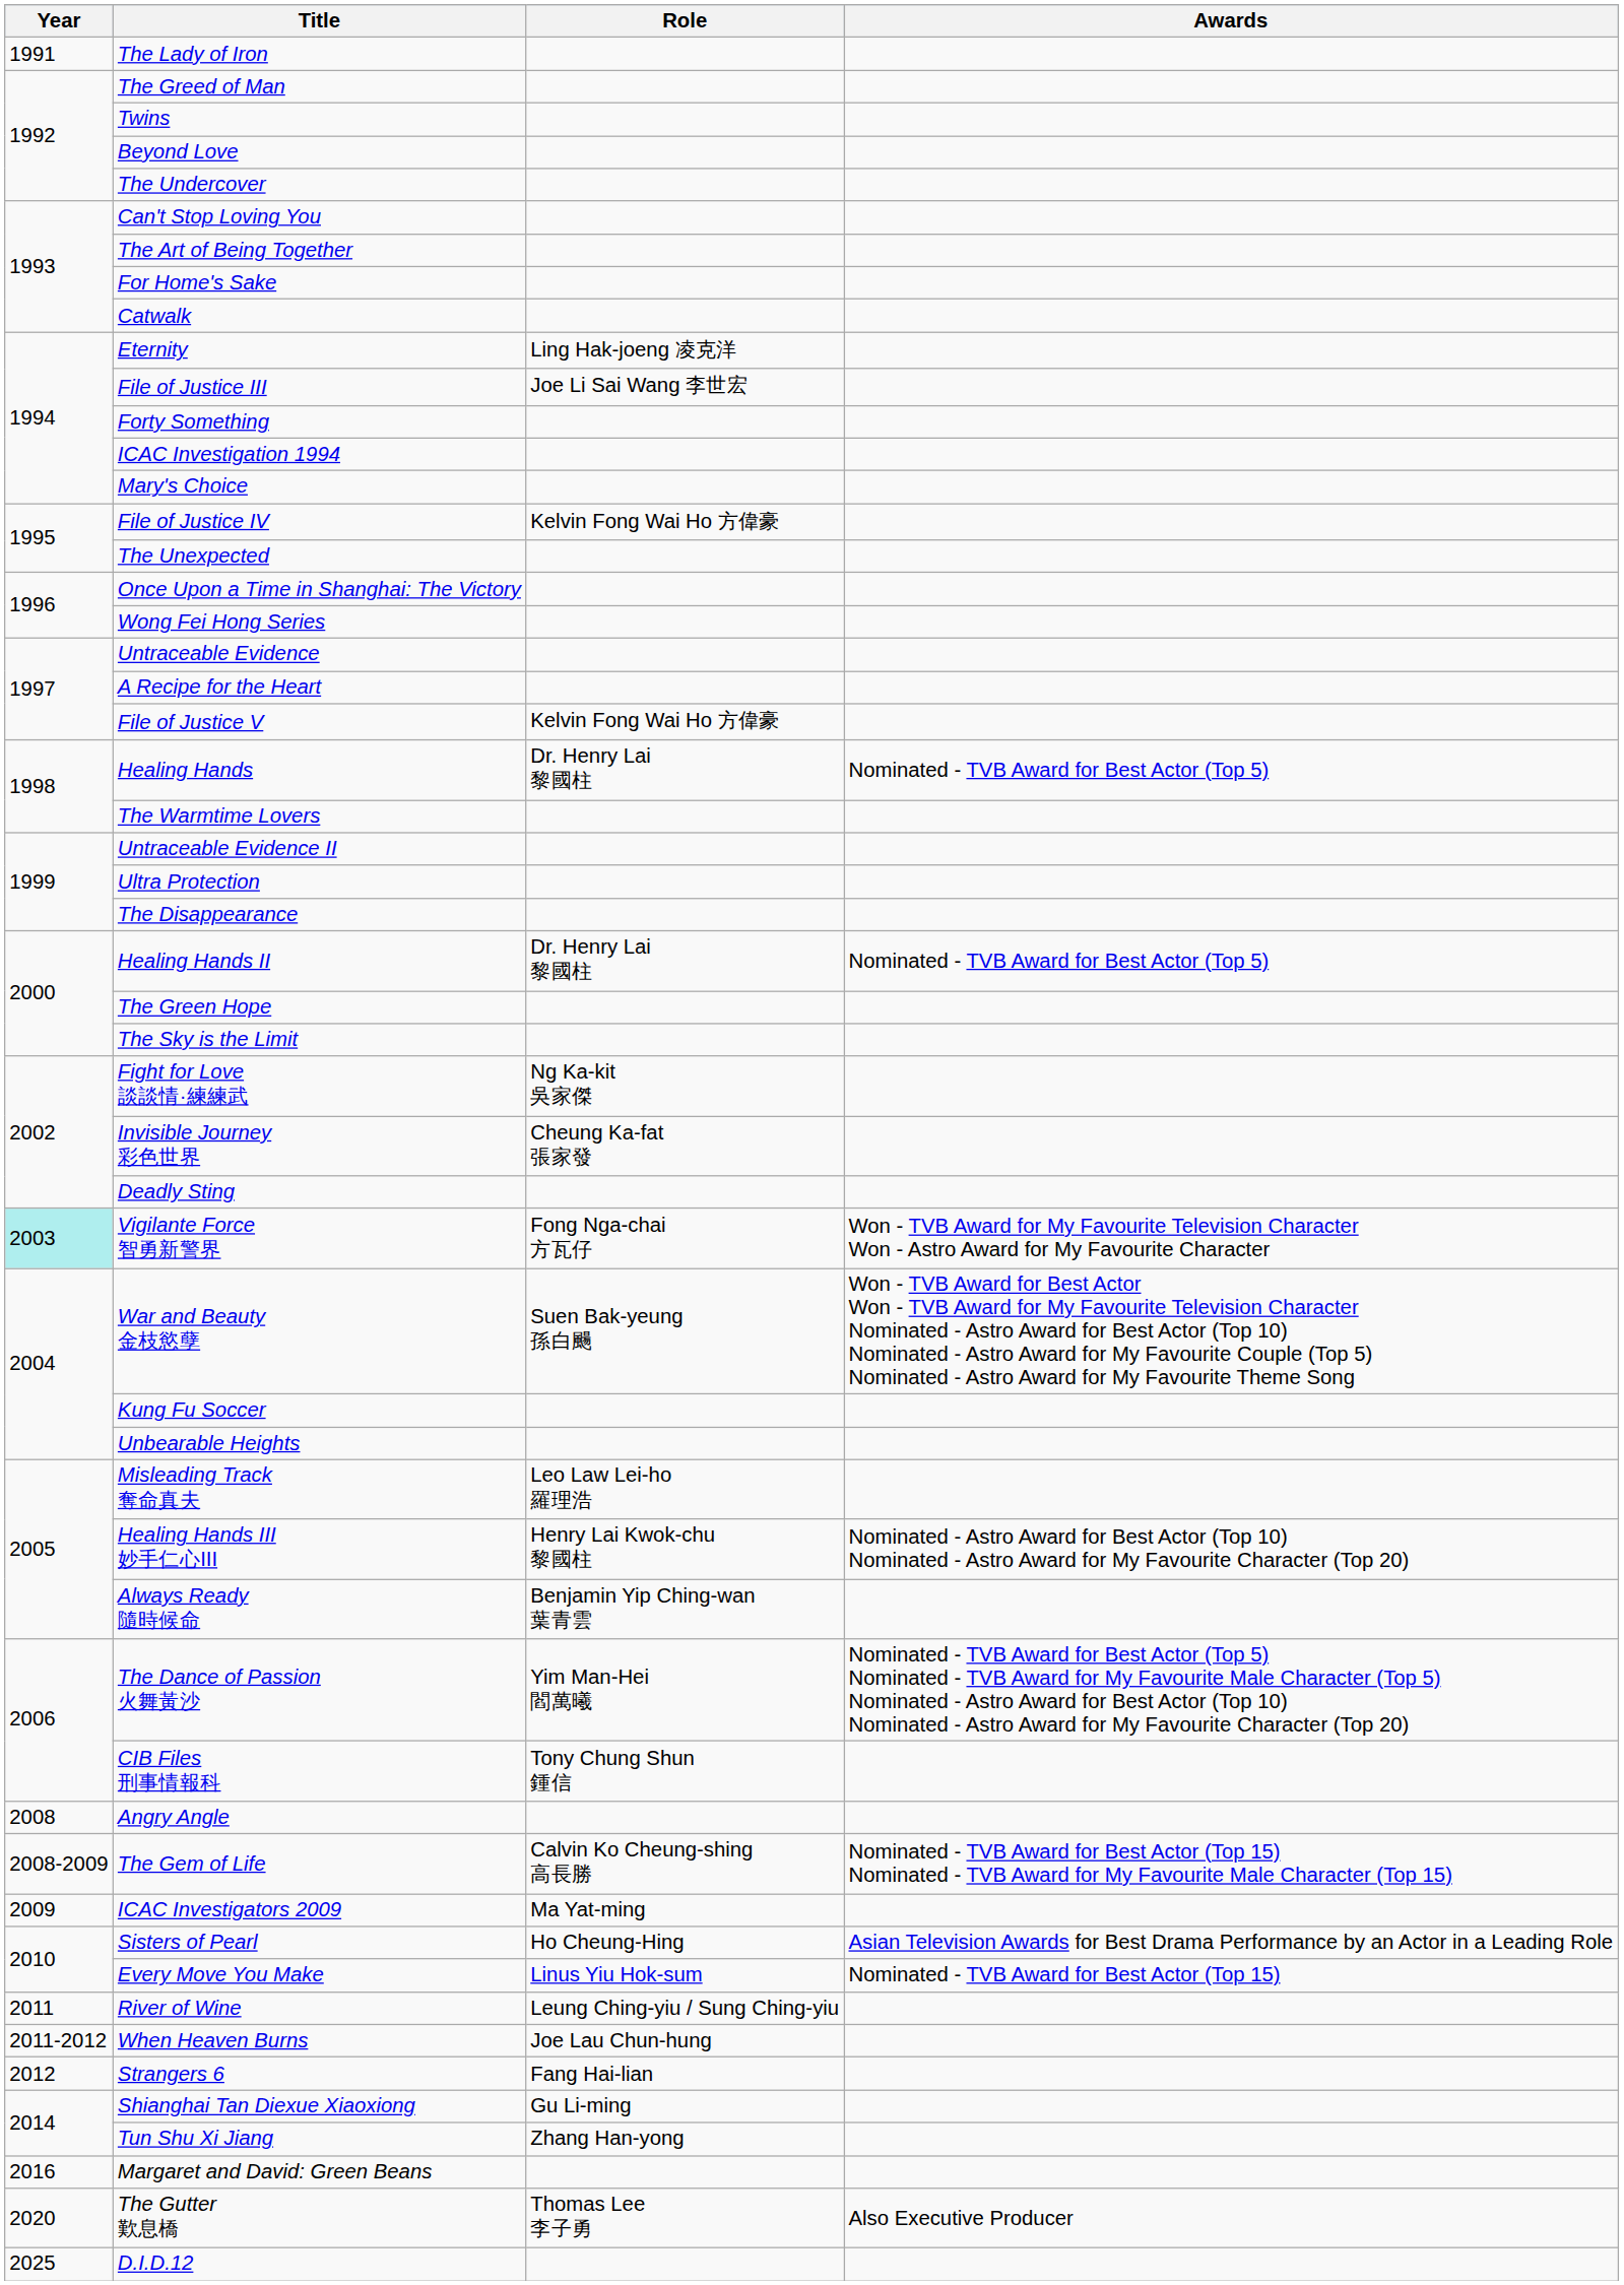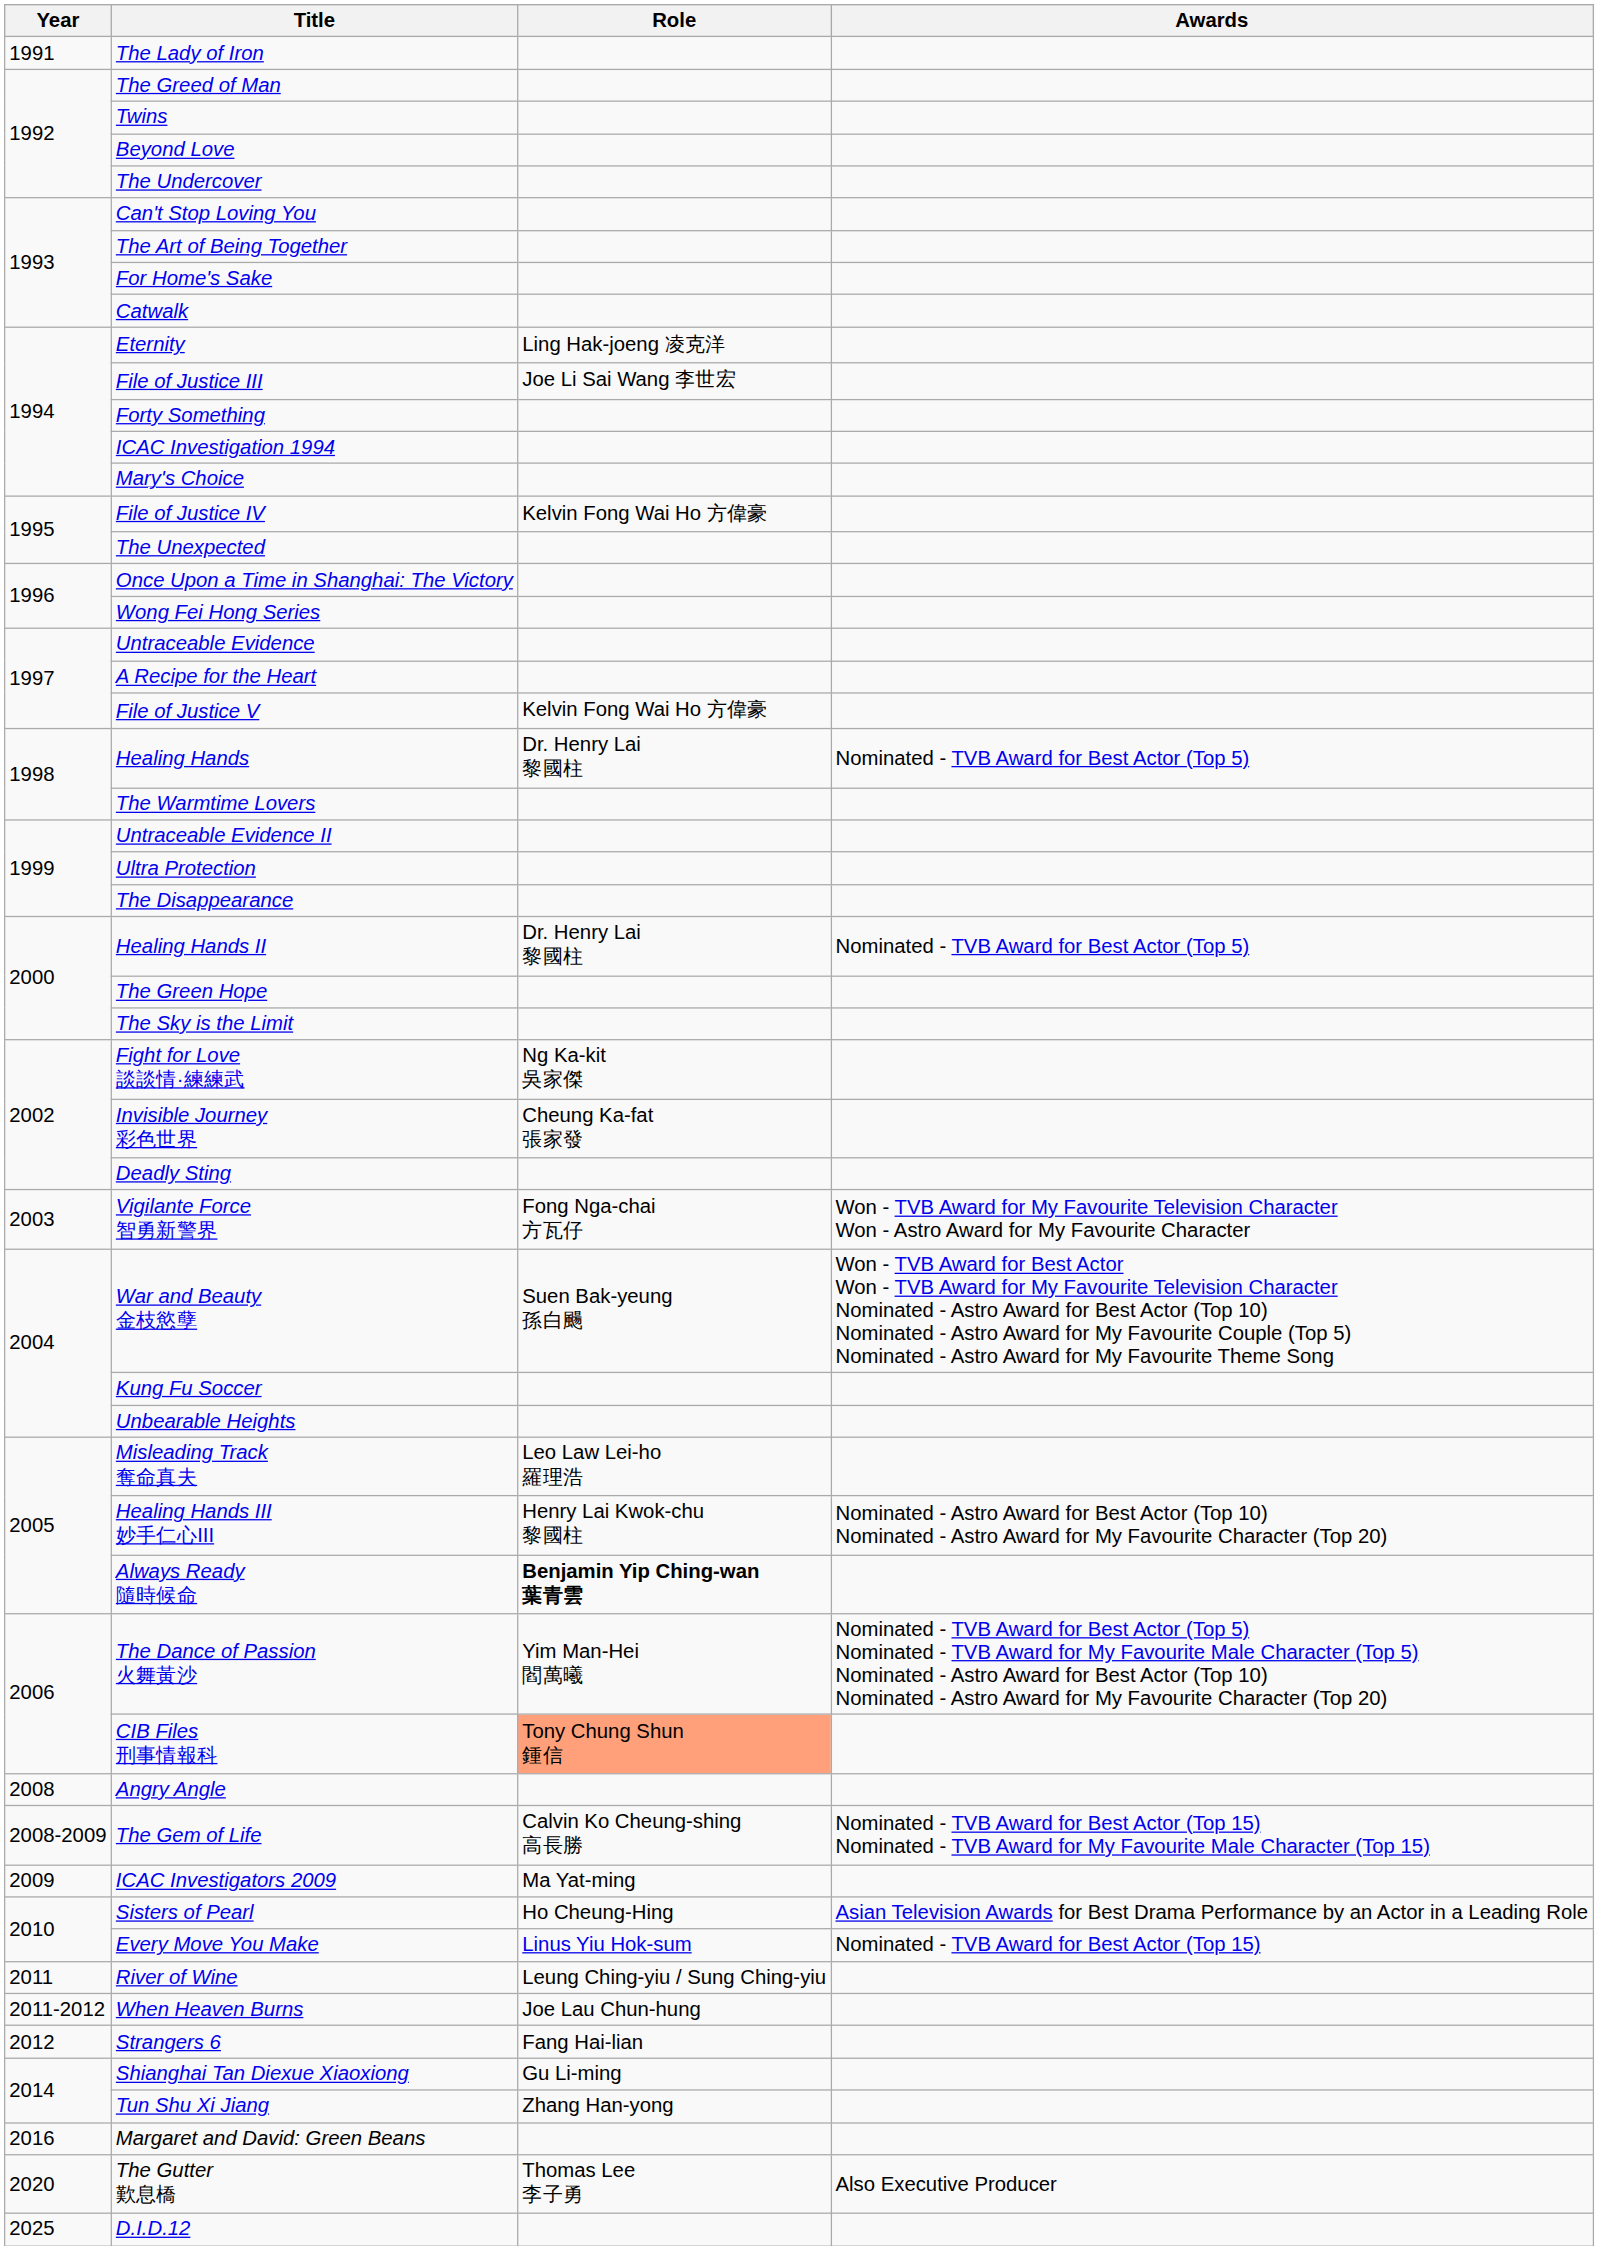 <table class="wikitable">
 <tr style="background:#b0c4de; text-align:center;">
 <th>Year</th>
 <th>Title</th>
 <th>Role</th>
 <th>Awards</th>
 </tr>
 <tr>
 <td>1991</td>
 <td><em><a href='#'>The Lady of Iron</a></em></td>
 <td></td>
 <td></td>
 </tr>
 <tr>
 <td rowspan=4>1992</td>
 <td><em><a href='#'>The Greed of Man</a></em></td>
 <td></td>
 <td></td>
 </tr>
 <tr>
 <td><em><a href='#'>Twins</a></em></td>
 <td></td>
 <td></td>
 </tr>
 <tr>
 <td><em><a href='#'>Beyond Love</a></em></td>
 <td></td>
 <td></td>
 </tr>
 <tr>
 <td><em><a href='#'>The Undercover</a></em></td>
 <td></td>
 <td></td>
 </tr>
 <tr>
 <td rowspan=4>1993</td>
 <td><em><a href='#'>Can't Stop Loving You</a></em></td>
 <td></td>
 <td></td>
 </tr>
 <tr>
 <td><em><a href='#'>The Art of Being Together</a></em></td>
 <td></td>
 <td></td>
 </tr>
 <tr>
 <td><em><a href='#'>For Home's Sake</a></em></td>
 <td></td>
 <td></td>
 </tr>
 <tr>
 <td><em><a href='#'>Catwalk</a></em></td>
 <td></td>
 <td></td>
 </tr>
 <tr>
 <td rowspan=5>1994</td>
 <td><em><a href='#'>Eternity</a></em></td>
 <td>Ling Hak-joeng 凌克洋</td>
 <td></td>
 </tr>
 <tr>
 <td><em><a href='#'>File of Justice III</a></em></td>
 <td>Joe Li Sai Wang 李世宏</td>
 <td></td>
 </tr>
 <tr>
 <td><em><a href='#'>Forty Something</a></em></td>
 <td></td>
 <td></td>
 </tr>
 <tr>
 <td><em><a href='#'>ICAC Investigation 1994</a></em></td>
 <td></td>
 <td></td>
 </tr>
 <tr>
 <td><em><a href='#'>Mary's Choice</a></em></td>
 <td></td>
 <td></td>
 </tr>
 <tr>
 <td rowspan=2>1995</td>
 <td><em><a href='#'>File of Justice IV</a></em></td>
 <td>Kelvin Fong Wai Ho 方偉豪</td>
 <td></td>
 </tr>
 <tr>
 <td><em><a href='#'>The Unexpected</a></em></td>
 <td></td>
 <td></td>
 </tr>
 <tr>
 <td rowspan=2>1996</td>
 <td><em><a href='#'>Once Upon a Time in Shanghai: The Victory</a></em></td>
 <td></td>
 <td></td>
 </tr>
 <tr>
 <td><em><a href='#'>Wong Fei Hong Series</a></em></td>
 <td></td>
 <td></td>
 </tr>
 <tr>
 <td rowspan=3>1997</td>
 <td><em><a href='#'>Untraceable Evidence</a></em></td>
 <td></td>
 <td></td>
 </tr>
 <tr>
 <td><em><a href='#'>A Recipe for the Heart</a></em></td>
 <td></td>
 <td></td>
 </tr>
 <tr>
 <td><em><a href='#'>File of Justice V</a></em></td>
 <td>Kelvin Fong Wai Ho 方偉豪</td>
 <td></td>
 </tr>
 <tr>
 <td rowspan=2>1998</td>
 <td><em><a href='#'>Healing Hands</a></em></td>
 <td>Dr. Henry Lai<br>黎國柱</td>
 <td>Nominated - <a href='#'>TVB Award for Best Actor (Top 5)</a></td>
 </tr>
 <tr>
 <td><em><a href='#'>The Warmtime Lovers</a></em></td>
 <td></td>
 <td></td>
 </tr>
 <tr>
 <td rowspan=3>1999</td>
 <td><em><a href='#'>Untraceable Evidence II</a></em></td>
 <td></td>
 <td></td>
 </tr>
 <tr>
 <td><em><a href='#'>Ultra Protection</a></em></td>
 <td></td>
 <td></td>
 </tr>
 <tr>
 <td><em><a href='#'>The Disappearance</a></em></td>
 <td></td>
 <td></td>
 </tr>
 <tr>
 <td rowspan=3>2000</td>
 <td><em><a href='#'>Healing Hands II</a></em></td>
 <td>Dr. Henry Lai<br>黎國柱</td>
 <td>Nominated - <a href='#'>TVB Award for Best Actor (Top 5)</a></td>
 </tr>
 <tr>
 <td><em><a href='#'>The Green Hope</a></em></td>
 <td></td>
 <td></td>
 </tr>
 <tr>
 <td><em><a href='#'>The Sky is the Limit</a></em></td>
 <td></td>
 </tr>
 <tr>
 <td rowspan=3>2002</td>
 <td><em><a href='#'>Fight for Love</a></em><br><a href='#'>談談情·練練武</a></td>
 <td>Ng Ka-kit<br>吳家傑</td>
 <td></td>
 </tr>
 <tr>
 <td><em><a href='#'>Invisible Journey</a></em><br><a href='#'>彩色世界</a></td>
 <td>Cheung Ka-fat<br>張家發</td>
 <td></td>
 </tr>
 <tr>
 <td><em><a href='#'>Deadly Sting</a></em></td>
 <td></td>
 <td></td>
 </tr>
 <tr>
-<td style="background: paleturquoise;">2003</td>
+<td>2003</td>
 <td><em><a href='#'>Vigilante Force</a></em><br><a href='#'>智勇新警界</a></td>
 <td>Fong Nga-chai<br>方瓦仔</td>
 <td>Won - <a href='#'>TVB Award for My Favourite Television Character</a> <br> Won - Astro Award for My Favourite Character</td>
 </tr>
 <tr>
 <td rowspan=3>2004</td>
 <td><em><a href='#'>War and Beauty</a></em><br><a href='#'>金枝慾孽</a></td>
 <td>Suen Bak-yeung<br>孫白颺</td>
 <td>Won - <a href='#'>TVB Award for Best Actor</a><br>Won - <a href='#'>TVB Award for My Favourite Television Character</a><br>Nominated - Astro Award for Best Actor (Top 10)<br>Nominated - Astro Award for My Favourite Couple (Top 5)<br>Nominated - Astro Award for My Favourite Theme Song</td>
 </tr>
 <tr>
 <td><em><a href='#'>Kung Fu Soccer</a></em></td>
 <td></td>
 <td></td>
 </tr>
 <tr>
 <td><em><a href='#'>Unbearable Heights</a></em></td>
 <td></td>
 <td></td>
 </tr>
 <tr>
 <td rowspan=3>2005</td>
 <td><em><a href='#'>Misleading Track</a></em><br><a href='#'>奪命真夫</a></td>
 <td>Leo Law Lei-ho<br>羅理浩</td>
 <td></td>
 </tr>
 <tr>
 <td><em><a href='#'>Healing Hands III</a></em><br><a href='#'>妙手仁心III</a></td>
 <td>Henry Lai Kwok-chu<br>黎國柱</td>
 <td>Nominated - Astro Award for Best Actor (Top 10)<br>Nominated - Astro Award for My Favourite Character (Top 20)</td>
 </tr>
 <tr>
 <td><em><a href='#'>Always Ready</a></em><br><a href='#'>隨時候命</a></td>
-<td>Benjamin Yip Ching-wan<br>葉青雲</td>
+<td><strong>Benjamin Yip Ching-wan<br>葉青雲</strong></td>
 <td></td>
 </tr>
 <tr>
 <td rowspan=2>2006</td>
 <td><em><a href='#'>The Dance of Passion</a></em><br><a href='#'>火舞黃沙</a></td>
 <td>Yim Man-Hei<br>閻萬曦</td>
 <td>Nominated - <a href='#'>TVB Award for Best Actor (Top 5)</a><br>Nominated - <a href='#'>TVB Award for My Favourite Male Character (Top 5)</a><br>Nominated - Astro Award for Best Actor (Top 10)<br>Nominated - Astro Award for My Favourite Character (Top 20)</td>
 </tr>
 <tr>
 <td><em><a href='#'>CIB Files</a></em><br><a href='#'>刑事情報科</a></td>
-<td>Tony Chung Shun<br>鍾信</td>
+<td style="background: lightsalmon;">Tony Chung Shun<br>鍾信</td>
 <td></td>
 </tr>
 <tr>
 <td>2008</td>
 <td><em><a href='#'>Angry Angle</a></em></td>
 <td></td>
 <td></td>
 </tr>
 <tr>
 <td>2008-2009</td>
 <td><em><a href='#'>The Gem of Life</a></em></td>
 <td>Calvin Ko Cheung-shing<br>高長勝</td>
 <td>Nominated - <a href='#'>TVB Award for Best Actor (Top 15)</a><br>Nominated - <a href='#'>TVB Award for My Favourite Male Character (Top 15)</a></td>
 </tr>
 <tr>
 <td>2009</td>
 <td><em><a href='#'>ICAC Investigators 2009</a></em></td>
 <td>Ma Yat-ming</td>
 <td></td>
 </tr>
 <tr>
 <td rowspan=2>2010</td>
 <td><em><a href='#'>Sisters of Pearl</a></em></td>
 <td>Ho Cheung-Hing</td>
 <td><a href='#'>Asian Television Awards</a> for Best Drama Performance by an Actor in a Leading Role</td>
 </tr>
 <tr>
 <td><em><a href='#'>Every Move You Make</a></em></td>
 <td><a href='#'>Linus Yiu Hok-sum</a></td>
 <td>Nominated - <a href='#'>TVB Award for Best Actor (Top 15)</a></td>
 </tr>
 <tr>
 <td>2011</td>
 <td><em><a href='#'>River of Wine</a></em></td>
 <td>Leung Ching-yiu / Sung Ching-yiu</td>
 <td></td>
 </tr>
 <tr>
 <td>2011-2012</td>
 <td><em><a href='#'>When Heaven Burns</a></em></td>
 <td>Joe Lau Chun-hung</td>
 <td></td>
 </tr>
 <tr>
 <td>2012</td>
 <td><em><a href='#'>Strangers 6</a></em></td>
 <td>Fang Hai-lian</td>
 <td></td>
 </tr>
 <tr>
 <td rowspan="2">2014</td>
 <td><em><a href='#'>Shianghai Tan Diexue Xiaoxiong</a></em></td>
 <td>Gu Li-ming</td>
 <td></td>
 </tr>
 <tr>
 <td><em><a href='#'>Tun Shu Xi Jiang</a></em></td>
 <td>Zhang Han-yong</td>
 <td></td>
 </tr>
 <tr>
 <td>2016</td>
 <td><em>Margaret and David: Green Beans</em></td>
 <td></td>
 <td></td>
 </tr>
 <tr>
 <td>2020</td>
 <td><em>The Gutter</em><br>歎息橋</td>
 <td>Thomas Lee<br>李子勇</td>
 <td>Also Executive Producer</td>
 </tr>
 <tr>
 <td>2025</td>
 <td><em><a href='#'>D.I.D.12</a></em></td>
 <td></td>
 <td></td>
 </tr>
 </table>
